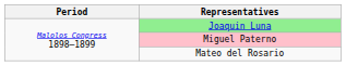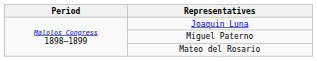 <table class="wikitable" style="text-align:center; width:40%;">
 <tr>
 <th width="40%">Period</th>
 <th>Representatives</th>
 </tr>
 <tr>
 <td rowspan="3"><small><em><a href='#'>Malolos Congress</a></em></small><br>1898–1899</td>
-<td style="background: lightgreen;"><a href='#'>Joaquin Luna</a></td>
+<td><a href='#'>Joaquin Luna</a></td>
 </tr>
 <tr>
-<td style="background: pink;">Miguel Paterno</td>
+<td>Miguel Paterno</td>
 </tr>
 <tr>
 <td>Mateo del Rosario</td>
 </tr>
 </table>
